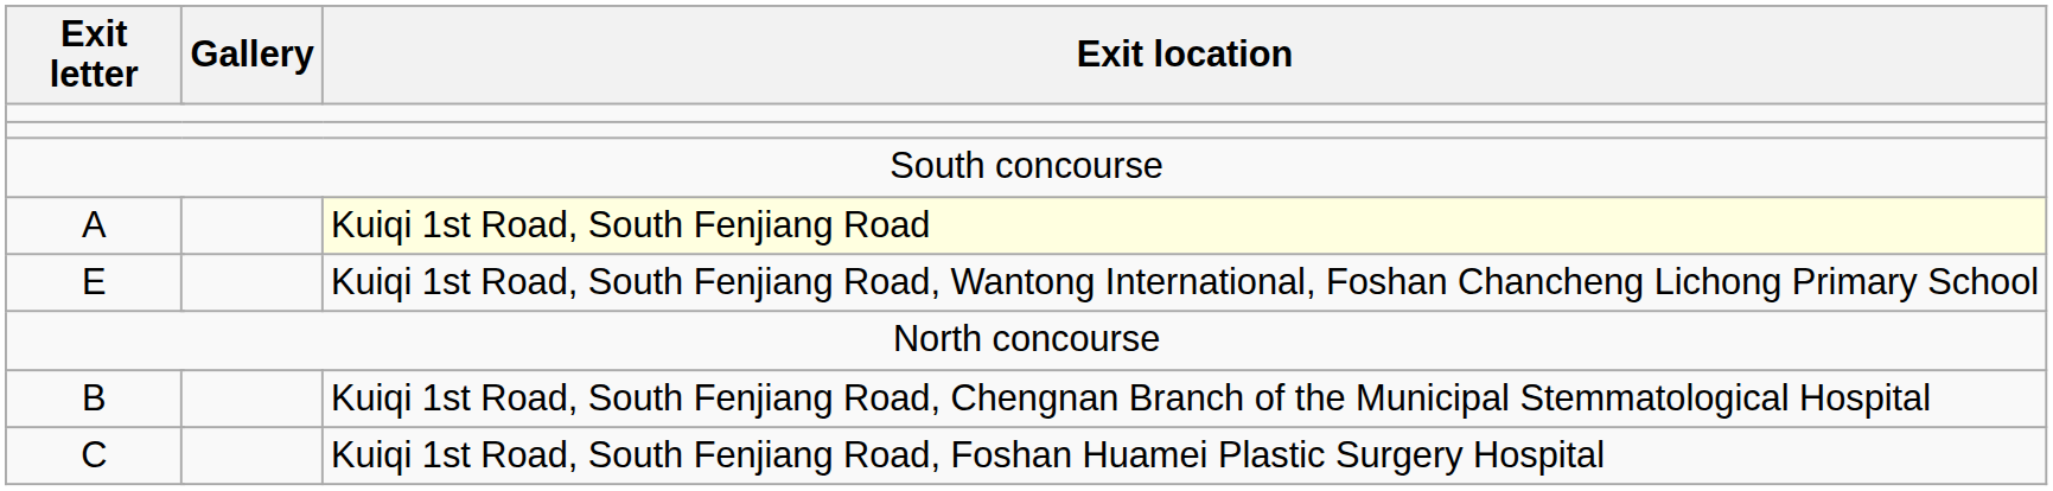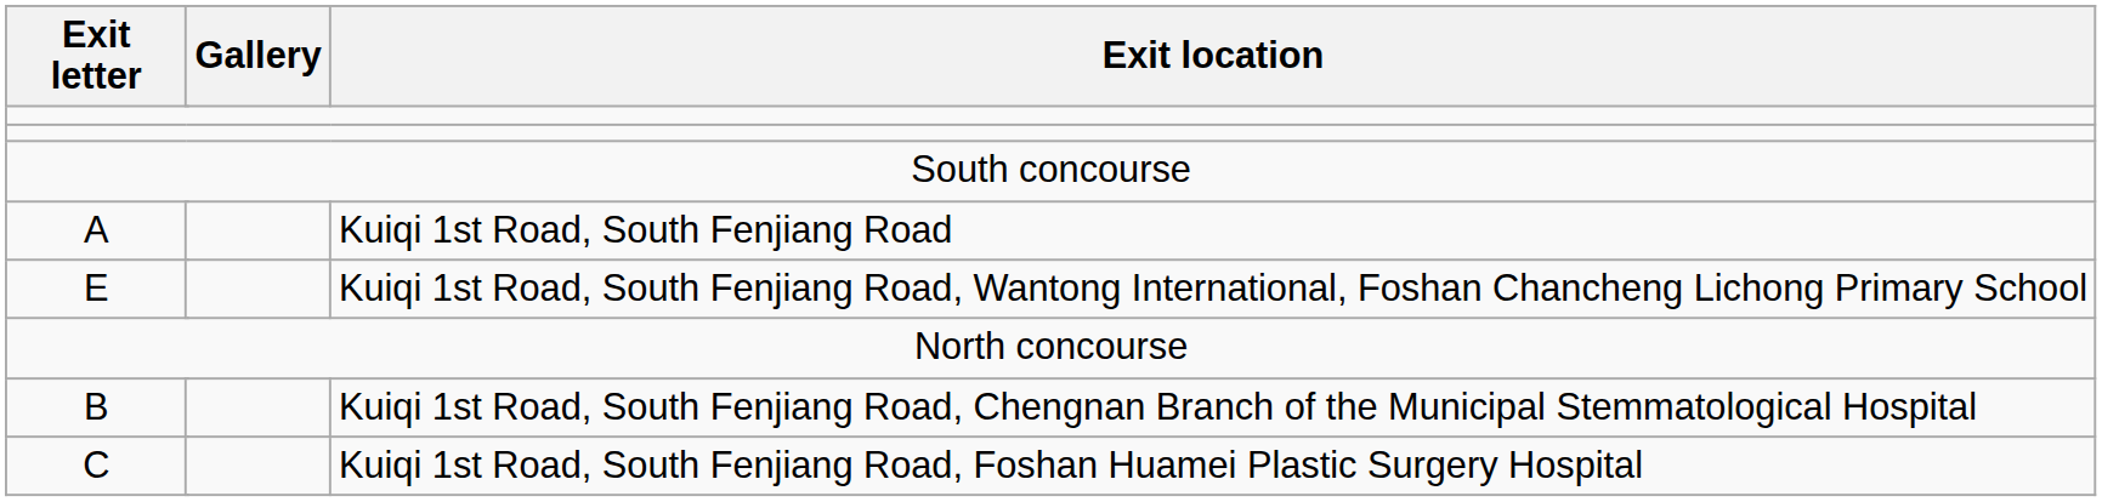 <table class="wikitable">
 <tr>
 <th style="width:70px" colspan=2>Exit letter</th>
 <th>Gallery</th>
 <th>Exit location</th>
 </tr>
 <tr style="background:#">
 <td colspan="4"></td>
 </tr>
 <tr style="background:#">
 <td colspan="4"></td>
 </tr>
 <tr>
 <td align="center" colspan="4">South concourse</td>
 </tr>
 <tr>
 <td align=center colspan=2>A</td>
 <td></td>
-<td style="background: lightyellow;">Kuiqi 1st Road, South Fenjiang Road</td>
+<td>Kuiqi 1st Road, South Fenjiang Road</td>
 </tr>
 <tr>
 <td align=center colspan=2>E</td>
 <td></td>
 <td>Kuiqi 1st Road, South Fenjiang Road, Wantong International, Foshan Chancheng Lichong Primary School</td>
 </tr>
 <tr>
 <td align="center" colspan="4">North concourse</td>
 </tr>
 <tr>
 <td align=center colspan=2>B</td>
 <td></td>
 <td>Kuiqi 1st Road, South Fenjiang Road, Chengnan Branch of the Municipal Stemmatological Hospital</td>
 </tr>
 <tr>
 <td align=center colspan=2>C</td>
 <td></td>
 <td>Kuiqi 1st Road, South Fenjiang Road, Foshan Huamei Plastic Surgery Hospital</td>
 </tr>
 </table>
